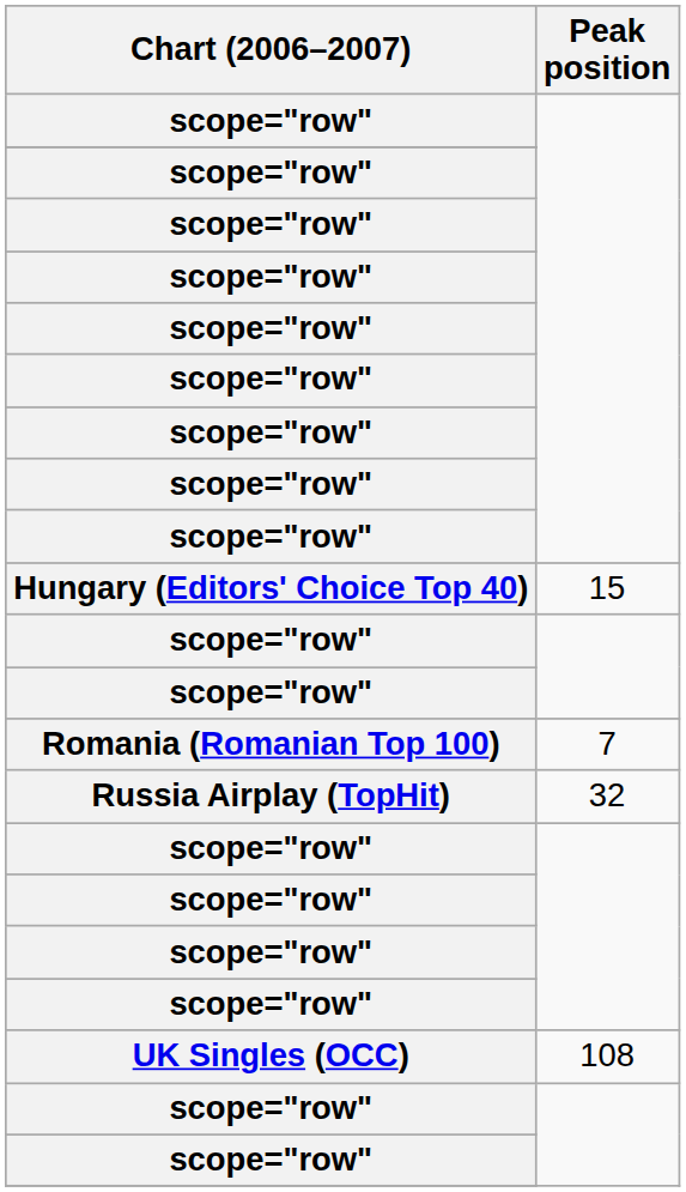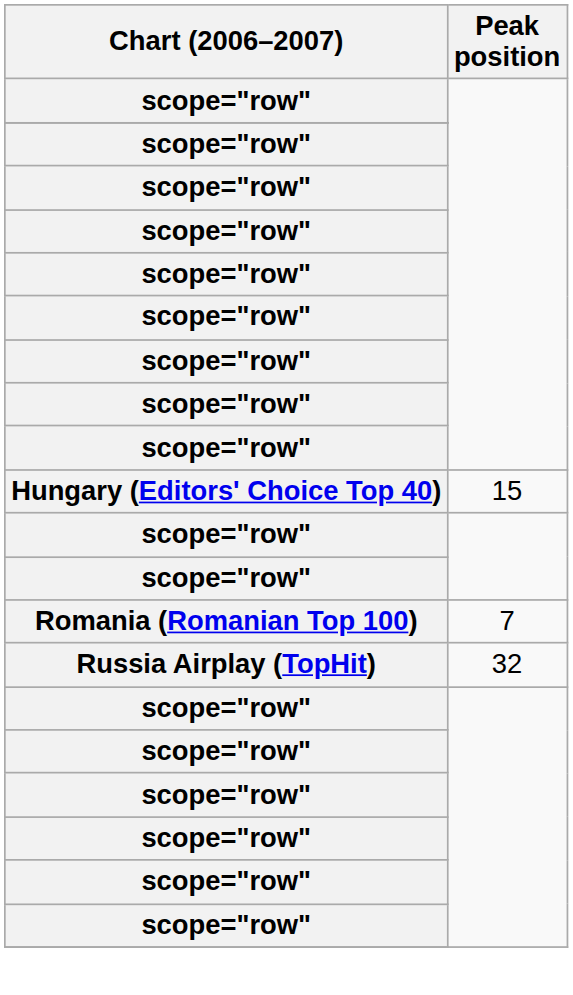 <table class="wikitable sortable plainrowheaders" style="text-align:center">
 <tr>
 <th scope="col">Chart (2006–2007)</th>
 <th scope="col">Peak<br>position</th>
 </tr>
 <tr>
 <th>scope="row" </th>
 </tr>
 <tr>
 </tr>
 <tr>
 <th>scope="row" </th>
 </tr>
 <tr>
 <th>scope="row" </th>
 </tr>
 <tr>
 <th>scope="row" </th>
 </tr>
 <tr>
 <th>scope="row" </th>
 </tr>
 <tr>
 <th>scope="row" </th>
 </tr>
 <tr>
 <th>scope="row" </th>
 </tr>
 <tr>
 <th>scope="row" </th>
 </tr>
 <tr>
 <th>scope="row" </th>
 </tr>
 <tr>
 <th scope="row">Hungary (<a href='#'>Editors' Choice Top 40</a>)</th>
 <td>15</td>
 </tr>
 <tr>
 <th>scope="row" </th>
 </tr>
 <tr>
 <th>scope="row" </th>
 </tr>
 <tr>
 <th scope="row">Romania (<a href='#'>Romanian Top 100</a>)</th>
 <td>7</td>
 </tr>
 <tr>
 <th scope="row">Russia Airplay (<a href='#'>TopHit</a>)</th>
 <td>32</td>
 </tr>
 <tr>
 <th>scope="row" </th>
 </tr>
 <tr>
 <th>scope="row" </th>
 </tr>
 <tr>
 <th>scope="row" </th>
 </tr>
 <tr>
 <th>scope="row" </th>
 </tr>
 <tr>
-<th scope="row"><a href='#'>UK Singles</a> (<a href='#'>OCC</a>)</th>
-<td>108</td>
-</tr>
-<tr>
 <th>scope="row" </th>
 </tr>
 <tr>
 <th>scope="row" </th>
 </tr>
 <tr>
 </tr>
 </table>
